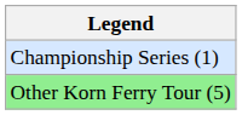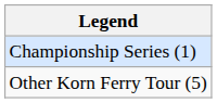 <table class="wikitable" style="font-size:95%;">
 <tr>
 <th>Legend</th>
 </tr>
 <tr style="background:#D6E8FF;">
 <td>Championship Series (1)</td>
 </tr>
 <tr>
-<td style="background: lightgreen;">Other Korn Ferry Tour (5)</td>
+<td>Other Korn Ferry Tour (5)</td>
 </tr>
 </table>
